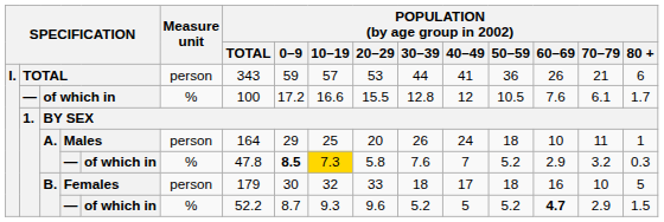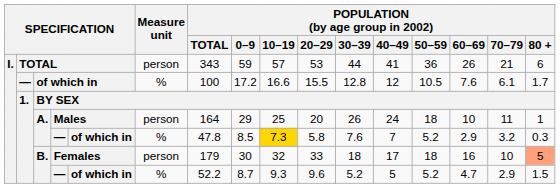 <table class="wikitable" style="font-size:85%; text-align:center">
 <tr>
 <th rowspan="2" colspan="5">SPECIFICATION</th>
 <th rowspan="2">Measure<br> unit</th>
 <th colspan="10" rowspan="1">POPULATION<br> (by age group in 2002)</th>
 </tr>
 <tr>
 <th>TOTAL</th>
 <th>0–9</th>
 <th>10–19</th>
 <th>20–29</th>
 <th>30–39</th>
 <th>40–49</th>
 <th>50–59</th>
 <th>60–69</th>
 <th>70–79</th>
 <th>80 +</th>
 </tr>
 <tr>
 <th style="text-align:left" valign="top" rowspan="7">I.</th>
 <th style="text-align:left" colspan="4">TOTAL</th>
 <td>person</td>
 <td>343</td>
 <td>59</td>
 <td>57</td>
 <td>53</td>
 <td>44</td>
 <td>41</td>
 <td>36</td>
 <td>26</td>
 <td>21</td>
 <td>6</td>
 </tr>
 <tr>
 <th style="text-align:left" valign="top">—</th>
 <th style="text-align:left" colspan="3">of which in</th>
 <td>%</td>
 <td>100</td>
 <td>17.2</td>
 <td>16.6</td>
 <td>15.5</td>
 <td>12.8</td>
 <td>12</td>
 <td>10.5</td>
 <td>7.6</td>
 <td>6.1</td>
 <td>1.7</td>
 </tr>
 <tr>
 <th style="text-align:left" valign="top" rowspan="5">1.</th>
 <th style="text-align:left" colspan="14">BY SEX</th>
 </tr>
 <tr>
 <th style="text-align:left" valign="top" rowspan="2">A.</th>
 <th style="text-align:left" colspan="2">Males</th>
 <td>person</td>
 <td>164</td>
 <td>29</td>
 <td>25</td>
 <td>20</td>
 <td>26</td>
 <td>24</td>
 <td>18</td>
 <td>10</td>
 <td>11</td>
 <td>1</td>
 </tr>
 <tr>
 <th style="text-align:left" valign="top">—</th>
 <th style="text-align:left" colspan="1">of which in</th>
 <td>%</td>
 <td>47.8</td>
-<td><strong>8.5</strong></td>
+<td>8.5</td>
 <td style="background: gold;">7.3</td>
 <td>5.8</td>
 <td>7.6</td>
 <td>7</td>
 <td>5.2</td>
 <td>2.9</td>
 <td>3.2</td>
 <td>0.3</td>
 </tr>
 <tr>
 <th style="text-align:left" valign="top" rowspan="2">B.</th>
 <th style="text-align:left" colspan="2">Females</th>
 <td>person</td>
 <td>179</td>
 <td>30</td>
 <td>32</td>
 <td>33</td>
 <td>18</td>
 <td>17</td>
 <td>18</td>
 <td>16</td>
 <td>10</td>
-<td>5</td>
+<td style="background: lightsalmon;">5</td>
 </tr>
 <tr>
 <th style="text-align:left" valign="top">—</th>
 <th style="text-align:left" colspan="1">of which in</th>
 <td>%</td>
 <td>52.2</td>
 <td>8.7</td>
 <td>9.3</td>
 <td>9.6</td>
 <td>5.2</td>
 <td>5</td>
 <td>5.2</td>
-<td><strong>4.7</strong></td>
+<td>4.7</td>
 <td>2.9</td>
 <td>1.5</td>
 </tr>
 </table>
